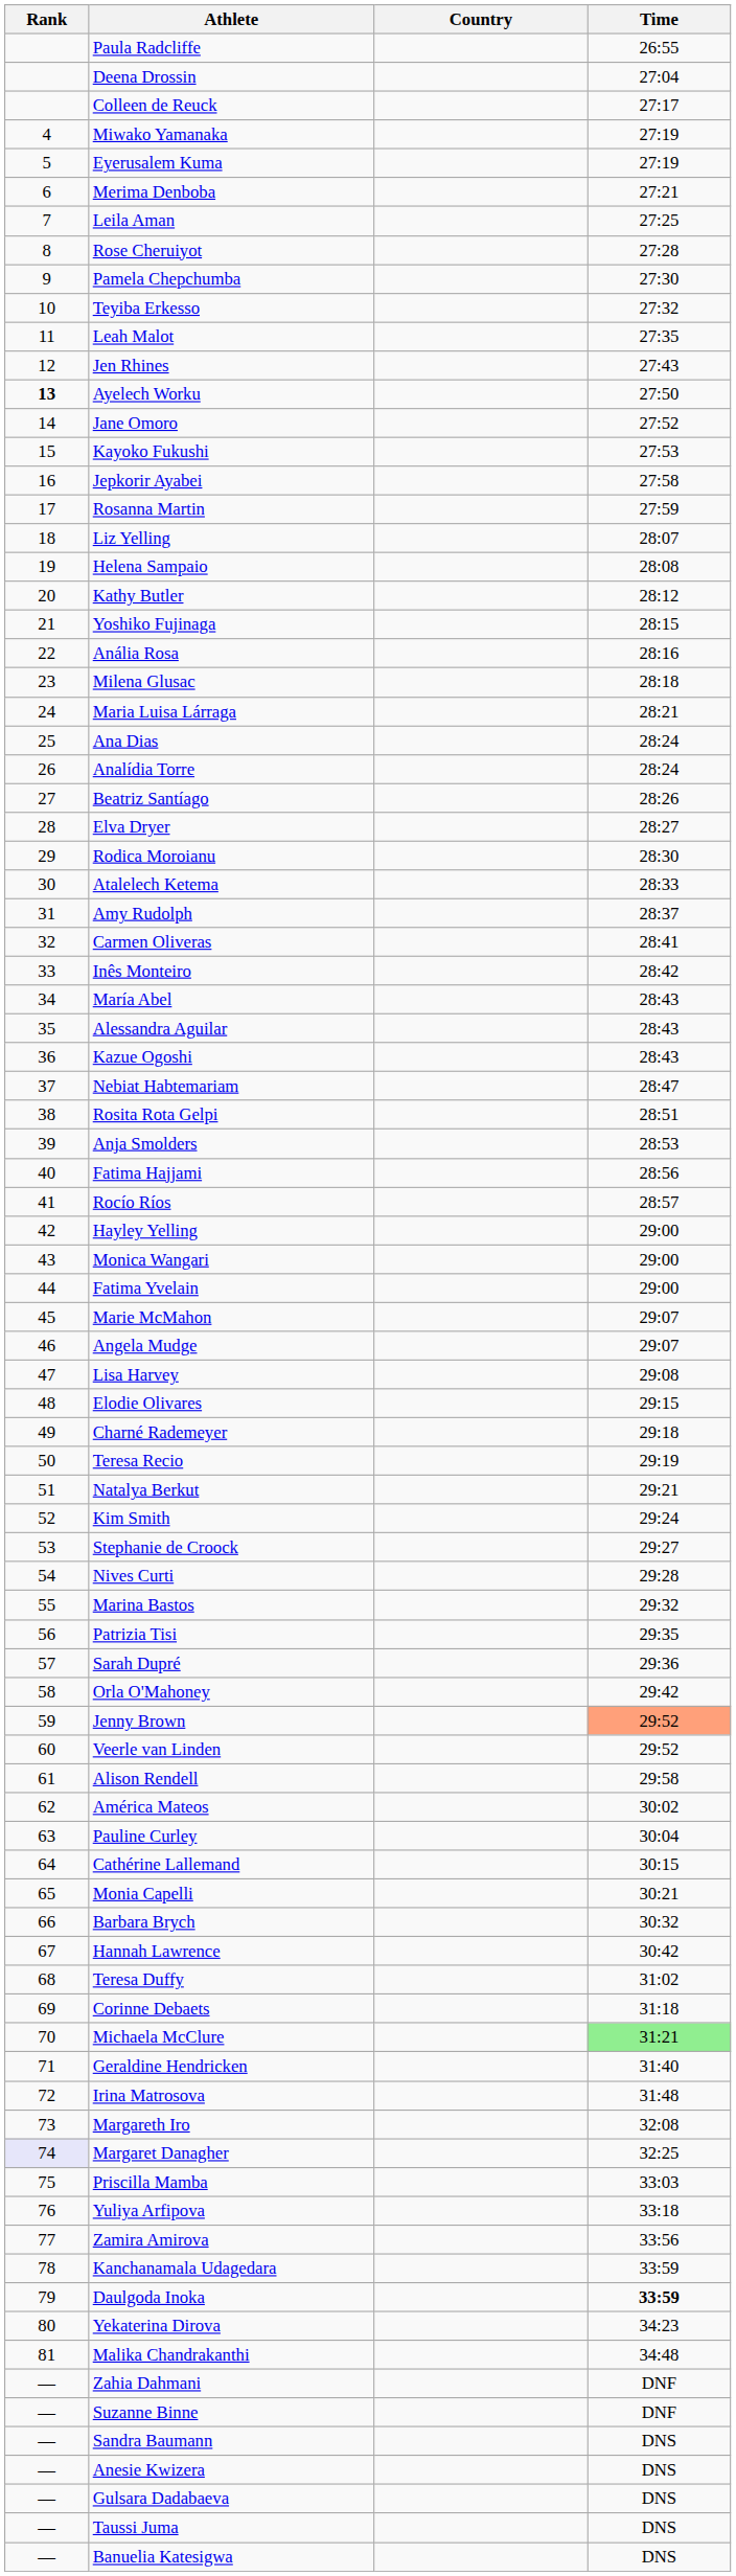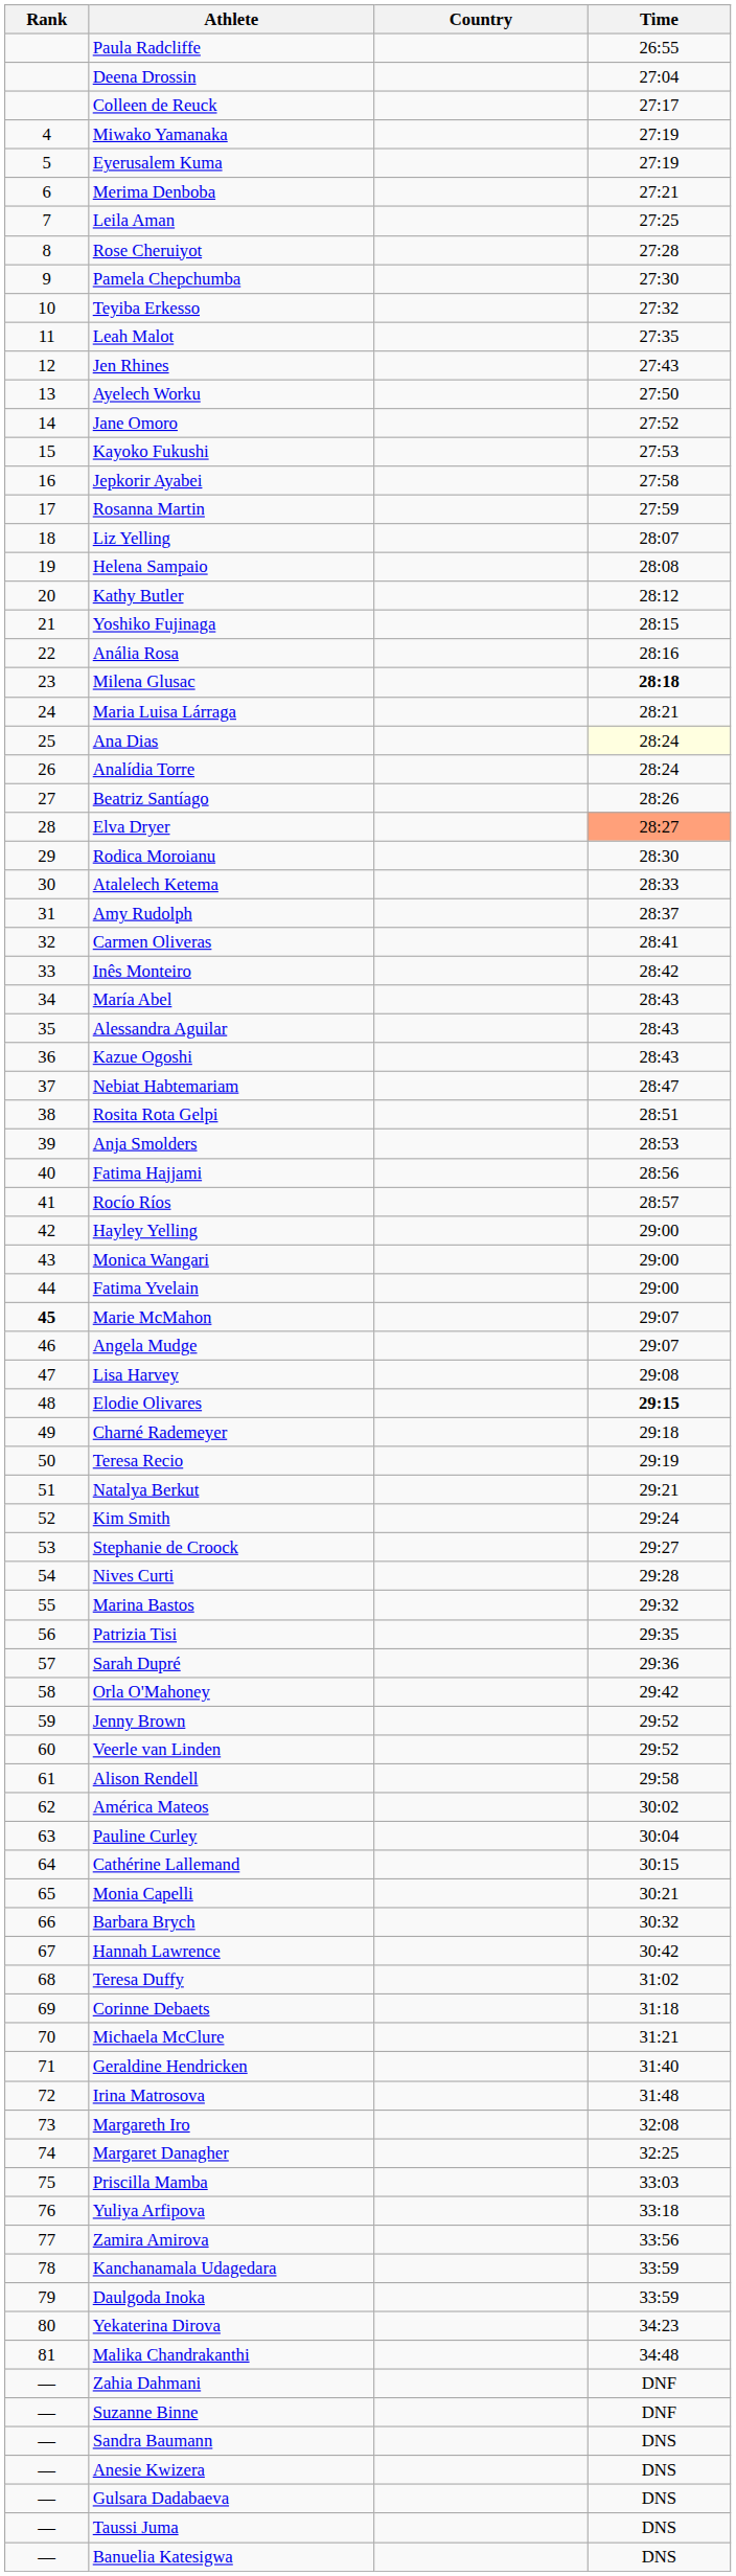 <table class="wikitable sortable" style=" text-align:center; font-size:95%;" width="50%">
 <tr>
 <th width=5%>Rank</th>
 <th width=20%>Athlete</th>
 <th width=15%>Country</th>
 <th width=10%>Time</th>
 </tr>
 <tr>
 <td align=center></td>
 <td align=left><a href='#'>Paula Radcliffe</a></td>
 <td align=left></td>
 <td>26:55</td>
 </tr>
 <tr>
 <td align=center></td>
 <td align=left><a href='#'>Deena Drossin</a></td>
 <td align=left></td>
 <td>27:04</td>
 </tr>
 <tr>
 <td align=center></td>
 <td align=left><a href='#'>Colleen de Reuck</a></td>
 <td align=left></td>
 <td>27:17</td>
 </tr>
 <tr>
 <td align=center>4</td>
 <td align=left><a href='#'>Miwako Yamanaka</a></td>
 <td align=left></td>
 <td>27:19</td>
 </tr>
 <tr>
 <td align=center>5</td>
 <td align=left><a href='#'>Eyerusalem Kuma</a></td>
 <td align=left></td>
 <td>27:19</td>
 </tr>
 <tr>
 <td align=center>6</td>
 <td align=left><a href='#'>Merima Denboba</a></td>
 <td align=left></td>
 <td>27:21</td>
 </tr>
 <tr>
 <td align=center>7</td>
 <td align=left><a href='#'>Leila Aman</a></td>
 <td align=left></td>
 <td>27:25</td>
 </tr>
 <tr>
 <td align=center>8</td>
 <td align=left><a href='#'>Rose Cheruiyot</a></td>
 <td align=left></td>
 <td>27:28</td>
 </tr>
 <tr>
 <td align=center>9</td>
 <td align=left><a href='#'>Pamela Chepchumba</a></td>
 <td align=left></td>
 <td>27:30</td>
 </tr>
 <tr>
 <td align=center>10</td>
 <td align=left><a href='#'>Teyiba Erkesso</a></td>
 <td align=left></td>
 <td>27:32</td>
 </tr>
 <tr>
 <td align=center>11</td>
 <td align=left><a href='#'>Leah Malot</a></td>
 <td align=left></td>
 <td>27:35</td>
 </tr>
 <tr>
 <td align=center>12</td>
 <td align=left><a href='#'>Jen Rhines</a></td>
 <td align=left></td>
 <td>27:43</td>
 </tr>
 <tr>
-<td align=center><strong>13</strong></td>
+<td align=center>13</td>
 <td align=left><a href='#'>Ayelech Worku</a></td>
 <td align=left></td>
 <td>27:50</td>
 </tr>
 <tr>
 <td align=center>14</td>
 <td align=left><a href='#'>Jane Omoro</a></td>
 <td align=left></td>
 <td>27:52</td>
 </tr>
 <tr>
 <td align=center>15</td>
 <td align=left><a href='#'>Kayoko Fukushi</a></td>
 <td align=left></td>
 <td>27:53</td>
 </tr>
 <tr>
 <td align=center>16</td>
 <td align=left><a href='#'>Jepkorir Ayabei</a></td>
 <td align=left></td>
 <td>27:58</td>
 </tr>
 <tr>
 <td align=center>17</td>
 <td align=left><a href='#'>Rosanna Martin</a></td>
 <td align=left></td>
 <td>27:59</td>
 </tr>
 <tr>
 <td align=center>18</td>
 <td align=left><a href='#'>Liz Yelling</a></td>
 <td align=left></td>
 <td>28:07</td>
 </tr>
 <tr>
 <td align=center>19</td>
 <td align=left><a href='#'>Helena Sampaio</a></td>
 <td align=left></td>
 <td>28:08</td>
 </tr>
 <tr>
 <td align=center>20</td>
 <td align=left><a href='#'>Kathy Butler</a></td>
 <td align=left></td>
 <td>28:12</td>
 </tr>
 <tr>
 <td align=center>21</td>
 <td align=left><a href='#'>Yoshiko Fujinaga</a></td>
 <td align=left></td>
 <td>28:15</td>
 </tr>
 <tr>
 <td align=center>22</td>
 <td align=left><a href='#'>Anália Rosa</a></td>
 <td align=left></td>
 <td>28:16</td>
 </tr>
 <tr>
 <td align=center>23</td>
 <td align=left><a href='#'>Milena Glusac</a></td>
 <td align=left></td>
-<td>28:18</td>
+<td><strong>28:18</strong></td>
 </tr>
 <tr>
 <td align=center>24</td>
 <td align=left><a href='#'>Maria Luisa Lárraga</a></td>
 <td align=left></td>
 <td>28:21</td>
 </tr>
 <tr>
 <td align=center>25</td>
 <td align=left><a href='#'>Ana Dias</a></td>
 <td align=left></td>
-<td>28:24</td>
+<td style="background: lightyellow;">28:24</td>
 </tr>
 <tr>
 <td align=center>26</td>
 <td align=left><a href='#'>Analídia Torre</a></td>
 <td align=left></td>
 <td>28:24</td>
 </tr>
 <tr>
 <td align=center>27</td>
 <td align=left><a href='#'>Beatriz Santíago</a></td>
 <td align=left></td>
 <td>28:26</td>
 </tr>
 <tr>
 <td align=center>28</td>
 <td align=left><a href='#'>Elva Dryer</a></td>
 <td align=left></td>
-<td>28:27</td>
+<td style="background: lightsalmon;">28:27</td>
 </tr>
 <tr>
 <td align=center>29</td>
 <td align=left><a href='#'>Rodica Moroianu</a></td>
 <td align=left></td>
 <td>28:30</td>
 </tr>
 <tr>
 <td align=center>30</td>
 <td align=left><a href='#'>Atalelech Ketema</a></td>
 <td align=left></td>
 <td>28:33</td>
 </tr>
 <tr>
 <td align=center>31</td>
 <td align=left><a href='#'>Amy Rudolph</a></td>
 <td align=left></td>
 <td>28:37</td>
 </tr>
 <tr>
 <td align=center>32</td>
 <td align=left><a href='#'>Carmen Oliveras</a></td>
 <td align=left></td>
 <td>28:41</td>
 </tr>
 <tr>
 <td align=center>33</td>
 <td align=left><a href='#'>Inês Monteiro</a></td>
 <td align=left></td>
 <td>28:42</td>
 </tr>
 <tr>
 <td align=center>34</td>
 <td align=left><a href='#'>María Abel</a></td>
 <td align=left></td>
 <td>28:43</td>
 </tr>
 <tr>
 <td align=center>35</td>
 <td align=left><a href='#'>Alessandra Aguilar</a></td>
 <td align=left></td>
 <td>28:43</td>
 </tr>
 <tr>
 <td align=center>36</td>
 <td align=left><a href='#'>Kazue Ogoshi</a></td>
 <td align=left></td>
 <td>28:43</td>
 </tr>
 <tr>
 <td align=center>37</td>
 <td align=left><a href='#'>Nebiat Habtemariam</a></td>
 <td align=left></td>
 <td>28:47</td>
 </tr>
 <tr>
 <td align=center>38</td>
 <td align=left><a href='#'>Rosita Rota Gelpi</a></td>
 <td align=left></td>
 <td>28:51</td>
 </tr>
 <tr>
 <td align=center>39</td>
 <td align=left><a href='#'>Anja Smolders</a></td>
 <td align=left></td>
 <td>28:53</td>
 </tr>
 <tr>
 <td align=center>40</td>
 <td align=left><a href='#'>Fatima Hajjami</a></td>
 <td align=left></td>
 <td>28:56</td>
 </tr>
 <tr>
 <td align=center>41</td>
 <td align=left><a href='#'>Rocío Ríos</a></td>
 <td align=left></td>
 <td>28:57</td>
 </tr>
 <tr>
 <td align=center>42</td>
 <td align=left><a href='#'>Hayley Yelling</a></td>
 <td align=left></td>
 <td>29:00</td>
 </tr>
 <tr>
 <td align=center>43</td>
 <td align=left><a href='#'>Monica Wangari</a></td>
 <td align=left></td>
 <td>29:00</td>
 </tr>
 <tr>
 <td align=center>44</td>
 <td align=left><a href='#'>Fatima Yvelain</a></td>
 <td align=left></td>
 <td>29:00</td>
 </tr>
 <tr>
-<td align=center>45</td>
+<td align=center><strong>45</strong></td>
 <td align=left><a href='#'>Marie McMahon</a></td>
 <td align=left></td>
 <td>29:07</td>
 </tr>
 <tr>
 <td align=center>46</td>
 <td align=left><a href='#'>Angela Mudge</a></td>
 <td align=left></td>
 <td>29:07</td>
 </tr>
 <tr>
 <td align=center>47</td>
 <td align=left><a href='#'>Lisa Harvey</a></td>
 <td align=left></td>
 <td>29:08</td>
 </tr>
 <tr>
 <td align=center>48</td>
 <td align=left><a href='#'>Elodie Olivares</a></td>
 <td align=left></td>
-<td>29:15</td>
+<td><strong>29:15</strong></td>
 </tr>
 <tr>
 <td align=center>49</td>
 <td align=left><a href='#'>Charné Rademeyer</a></td>
 <td align=left></td>
 <td>29:18</td>
 </tr>
 <tr>
 <td align=center>50</td>
 <td align=left><a href='#'>Teresa Recio</a></td>
 <td align=left></td>
 <td>29:19</td>
 </tr>
 <tr>
 <td align=center>51</td>
 <td align=left><a href='#'>Natalya Berkut</a></td>
 <td align=left></td>
 <td>29:21</td>
 </tr>
 <tr>
 <td align=center>52</td>
 <td align=left><a href='#'>Kim Smith</a></td>
 <td align=left></td>
 <td>29:24</td>
 </tr>
 <tr>
 <td align=center>53</td>
 <td align=left><a href='#'>Stephanie de Croock</a></td>
 <td align=left></td>
 <td>29:27</td>
 </tr>
 <tr>
 <td align=center>54</td>
 <td align=left><a href='#'>Nives Curti</a></td>
 <td align=left></td>
 <td>29:28</td>
 </tr>
 <tr>
 <td align=center>55</td>
 <td align=left><a href='#'>Marina Bastos</a></td>
 <td align=left></td>
 <td>29:32</td>
 </tr>
 <tr>
 <td align=center>56</td>
 <td align=left><a href='#'>Patrizia Tisi</a></td>
 <td align=left></td>
 <td>29:35</td>
 </tr>
 <tr>
 <td align=center>57</td>
 <td align=left><a href='#'>Sarah Dupré</a></td>
 <td align=left></td>
 <td>29:36</td>
 </tr>
 <tr>
 <td align=center>58</td>
 <td align=left><a href='#'>Orla O'Mahoney</a></td>
 <td align=left></td>
 <td>29:42</td>
 </tr>
 <tr>
 <td align=center>59</td>
 <td align=left><a href='#'>Jenny Brown</a></td>
 <td align=left></td>
-<td style="background: lightsalmon;">29:52</td>
+<td>29:52</td>
 </tr>
 <tr>
 <td align=center>60</td>
 <td align=left><a href='#'>Veerle van Linden</a></td>
 <td align=left></td>
 <td>29:52</td>
 </tr>
 <tr>
 <td align=center>61</td>
 <td align=left><a href='#'>Alison Rendell</a></td>
 <td align=left></td>
 <td>29:58</td>
 </tr>
 <tr>
 <td align=center>62</td>
 <td align=left><a href='#'>América Mateos</a></td>
 <td align=left></td>
 <td>30:02</td>
 </tr>
 <tr>
 <td align=center>63</td>
 <td align=left><a href='#'>Pauline Curley</a></td>
 <td align=left></td>
 <td>30:04</td>
 </tr>
 <tr>
 <td align=center>64</td>
 <td align=left><a href='#'>Cathérine Lallemand</a></td>
 <td align=left></td>
 <td>30:15</td>
 </tr>
 <tr>
 <td align=center>65</td>
 <td align=left><a href='#'>Monia Capelli</a></td>
 <td align=left></td>
 <td>30:21</td>
 </tr>
 <tr>
 <td align=center>66</td>
 <td align=left><a href='#'>Barbara Brych</a></td>
 <td align=left></td>
 <td>30:32</td>
 </tr>
 <tr>
 <td align=center>67</td>
 <td align=left><a href='#'>Hannah Lawrence</a></td>
 <td align=left></td>
 <td>30:42</td>
 </tr>
 <tr>
 <td align=center>68</td>
 <td align=left><a href='#'>Teresa Duffy</a></td>
 <td align=left></td>
 <td>31:02</td>
 </tr>
 <tr>
 <td align=center>69</td>
 <td align=left><a href='#'>Corinne Debaets</a></td>
 <td align=left></td>
 <td>31:18</td>
 </tr>
 <tr>
 <td align=center>70</td>
 <td align=left><a href='#'>Michaela McClure</a></td>
 <td align=left></td>
-<td style="background: lightgreen;">31:21</td>
+<td>31:21</td>
 </tr>
 <tr>
 <td align=center>71</td>
 <td align=left><a href='#'>Geraldine Hendricken</a></td>
 <td align=left></td>
 <td>31:40</td>
 </tr>
 <tr>
 <td align=center>72</td>
 <td align=left><a href='#'>Irina Matrosova</a></td>
 <td align=left></td>
 <td>31:48</td>
 </tr>
 <tr>
 <td align=center>73</td>
 <td align=left><a href='#'>Margareth Iro</a></td>
 <td align=left></td>
 <td>32:08</td>
 </tr>
 <tr>
-<td align=center style="background: lavender;">74</td>
+<td align=center>74</td>
 <td align=left><a href='#'>Margaret Danagher</a></td>
 <td align=left></td>
 <td>32:25</td>
 </tr>
 <tr>
 <td align=center>75</td>
 <td align=left><a href='#'>Priscilla Mamba</a></td>
 <td align=left></td>
 <td>33:03</td>
 </tr>
 <tr>
 <td align=center>76</td>
 <td align=left><a href='#'>Yuliya Arfipova</a></td>
 <td align=left></td>
 <td>33:18</td>
 </tr>
 <tr>
 <td align=center>77</td>
 <td align=left><a href='#'>Zamira Amirova</a></td>
 <td align=left></td>
 <td>33:56</td>
 </tr>
 <tr>
 <td align=center>78</td>
 <td align=left><a href='#'>Kanchanamala Udagedara</a></td>
 <td align=left></td>
 <td>33:59</td>
 </tr>
 <tr>
 <td align=center>79</td>
 <td align=left><a href='#'>Daulgoda Inoka</a></td>
 <td align=left></td>
-<td><strong>33:59</strong></td>
+<td>33:59</td>
 </tr>
 <tr>
 <td align=center>80</td>
 <td align=left><a href='#'>Yekaterina Dirova</a></td>
 <td align=left></td>
 <td>34:23</td>
 </tr>
 <tr>
 <td align=center>81</td>
 <td align=left><a href='#'>Malika Chandrakanthi</a></td>
 <td align=left></td>
 <td>34:48</td>
 </tr>
 <tr>
 <td align=center>—</td>
 <td align=left><a href='#'>Zahia Dahmani</a></td>
 <td align=left></td>
 <td>DNF</td>
 </tr>
 <tr>
 <td align=center>—</td>
 <td align=left><a href='#'>Suzanne Binne</a></td>
 <td align=left></td>
 <td>DNF</td>
 </tr>
 <tr>
 <td align=center>—</td>
 <td align=left><a href='#'>Sandra Baumann</a></td>
 <td align=left></td>
 <td>DNS</td>
 </tr>
 <tr>
 <td align=center>—</td>
 <td align=left><a href='#'>Anesie Kwizera</a></td>
 <td align=left></td>
 <td>DNS</td>
 </tr>
 <tr>
 <td align=center>—</td>
 <td align=left><a href='#'>Gulsara Dadabaeva</a></td>
 <td align=left></td>
 <td>DNS</td>
 </tr>
 <tr>
 <td align=center>—</td>
 <td align=left><a href='#'>Taussi Juma</a></td>
 <td align=left></td>
 <td>DNS</td>
 </tr>
 <tr>
 <td align=center>—</td>
 <td align=left><a href='#'>Banuelia Katesigwa</a></td>
 <td align=left></td>
 <td>DNS</td>
 </tr>
 </table>
